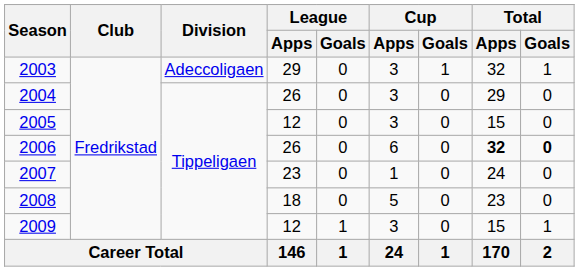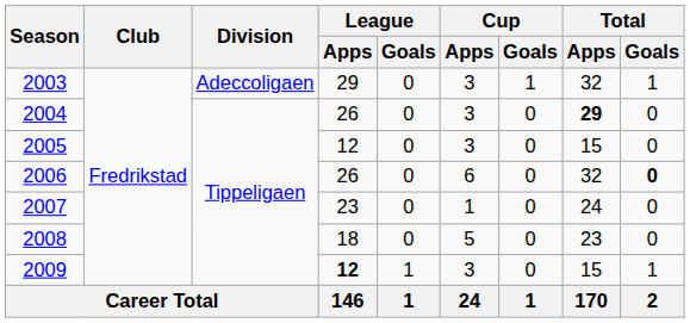 <table class="wikitable" style="text-align: center;">
 <tr>
 <th rowspan="2">Season</th>
 <th rowspan="2">Club</th>
 <th rowspan="2">Division</th>
 <th colspan="2">League</th>
 <th colspan="2">Cup</th>
 <th colspan="2">Total</th>
 </tr>
 <tr>
 <th>Apps</th>
 <th>Goals</th>
 <th>Apps</th>
 <th>Goals</th>
 <th>Apps</th>
 <th>Goals</th>
 </tr>
 <tr>
 <td><a href='#'>2003</a></td>
 <td rowspan="7"><a href='#'>Fredrikstad</a></td>
 <td><a href='#'>Adeccoligaen</a></td>
 <td>29</td>
 <td>0</td>
 <td>3</td>
 <td>1</td>
 <td>32</td>
 <td>1</td>
 </tr>
 <tr>
 <td><a href='#'>2004</a></td>
 <td rowspan="6"><a href='#'>Tippeligaen</a></td>
 <td>26</td>
 <td>0</td>
 <td>3</td>
 <td>0</td>
-<td>29</td>
+<td><strong>29</strong></td>
 <td>0</td>
 </tr>
 <tr>
 <td><a href='#'>2005</a></td>
 <td>12</td>
 <td>0</td>
 <td>3</td>
 <td>0</td>
 <td>15</td>
 <td>0</td>
 </tr>
 <tr>
 <td><a href='#'>2006</a></td>
 <td>26</td>
 <td>0</td>
 <td>6</td>
 <td>0</td>
-<td><strong>32</strong></td>
+<td>32</td>
 <td><strong>0</strong></td>
 </tr>
 <tr>
 <td><a href='#'>2007</a></td>
 <td>23</td>
 <td>0</td>
 <td>1</td>
 <td>0</td>
 <td>24</td>
 <td>0</td>
 </tr>
 <tr>
 <td><a href='#'>2008</a></td>
 <td>18</td>
 <td>0</td>
 <td>5</td>
 <td>0</td>
 <td>23</td>
 <td>0</td>
 </tr>
 <tr>
 <td><a href='#'>2009</a></td>
-<td>12</td>
+<td><strong>12</strong></td>
 <td>1</td>
 <td>3</td>
 <td>0</td>
 <td>15</td>
 <td>1</td>
 </tr>
 <tr>
 <th colspan="3">Career Total</th>
 <th>146</th>
 <th>1</th>
 <th>24</th>
 <th>1</th>
 <th>170</th>
 <th>2</th>
 </tr>
 </table>
